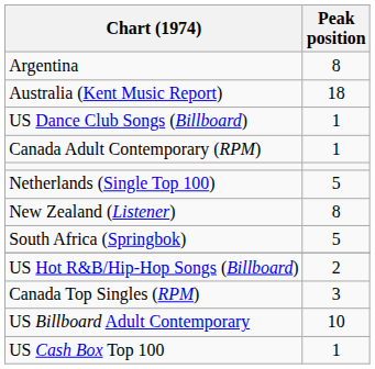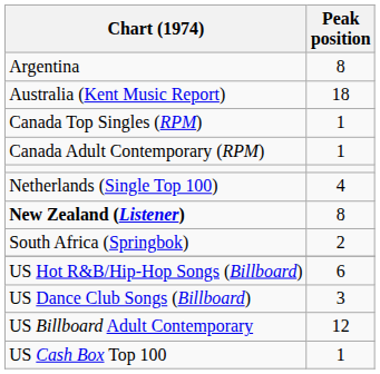 <table class="wikitable sortable">
 <tr>
 <th>Chart (1974)</th>
 <th>Peak<br>position</th>
 </tr>
 <tr>
 <td>Argentina</td>
 <td align="center">8</td>
 </tr>
 <tr>
 <td>Australia (<a href='#'>Kent Music Report</a>)</td>
 <td style="text-align:center;">18</td>
 </tr>
 <tr>
-<td>US <a href='#'>Dance Club Songs</a> (<em><a href='#'>Billboard</a></em>)</td>
+<td>Canada Top Singles (<em><a href='#'>RPM</a></em>)</td>
 <td style="text-align:center;">1</td>
 </tr>
 <tr>
 <td>Canada Adult Contemporary (<em>RPM</em>)</td>
 <td style="text-align:center;">1</td>
 </tr>
 <tr>
 <td></td>
 </tr>
 <tr>
 <td>Netherlands (<a href='#'>Single Top 100</a>)</td>
-<td align="center">5</td>
+<td align="center">4</td>
 </tr>
 <tr>
-<td>New Zealand (<em><a href='#'>Listener</a></em>)</td>
+<td><strong>New Zealand (<em><a href='#'>Listener</a></em>)</strong></td>
 <td style="text-align:center;">8</td>
 </tr>
 <tr>
 <td>South Africa (<a href='#'>Springbok</a>)</td>
-<td align="center">5</td>
+<td align="center">2</td>
 </tr>
 <tr>
 </tr>
 <tr>
 </tr>
 <tr>
 <td>US <a href='#'>Hot R&B/Hip-Hop Songs</a> (<em><a href='#'>Billboard</a></em>)</td>
-<td style="text-align:center;">2</td>
+<td style="text-align:center;">6</td>
 </tr>
 <tr>
-<td>Canada Top Singles (<em><a href='#'>RPM</a></em>)</td>
+<td>US <a href='#'>Dance Club Songs</a> (<em><a href='#'>Billboard</a></em>)</td>
 <td style="text-align:center;">3</td>
 </tr>
 <tr>
 <td>US <em>Billboard</em> <a href='#'>Adult Contemporary</a></td>
-<td align="center">10</td>
+<td align="center">12</td>
 </tr>
 <tr>
 <td>US <em><a href='#'>Cash Box</a></em> Top 100</td>
 <td style="text-align:center;">1</td>
 </tr>
 </table>
